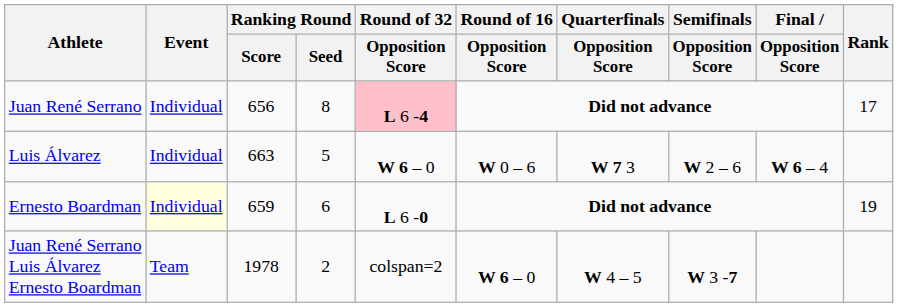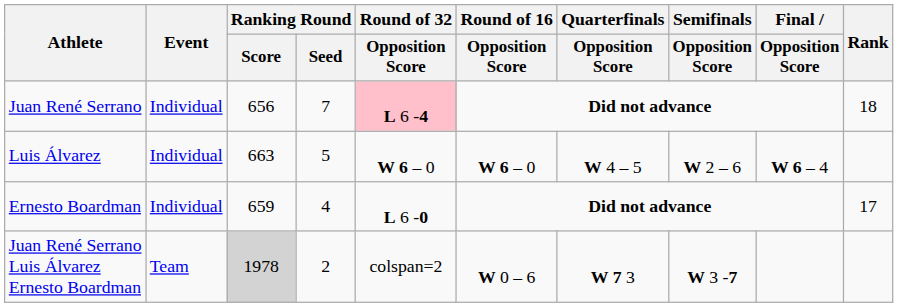 <table class="wikitable" style="font-size:90%">
 <tr>
 <th rowspan="2">Athlete</th>
 <th rowspan="2">Event</th>
 <th colspan="2">Ranking Round</th>
 <th>Round of 32</th>
 <th>Round of 16</th>
 <th>Quarterfinals</th>
 <th>Semifinals</th>
 <th>Final / </th>
 <th rowspan="2">Rank</th>
 </tr>
 <tr style="font-size:95%">
 <th>Score</th>
 <th>Seed</th>
 <th>Opposition<br>Score</th>
 <th>Opposition<br>Score</th>
 <th>Opposition<br>Score</th>
 <th>Opposition<br>Score</th>
 <th>Opposition<br>Score</th>
 </tr>
 <tr align=center>
 <td align=left><a href='#'>Juan René Serrano</a></td>
 <td align=left><a href='#'>Individual</a></td>
 <td>656</td>
-<td>8</td>
+<td>7</td>
 <td style="background: pink;"><br> <strong>L</strong> 6 -<strong>4</strong></td>
 <td colspan=4><strong>Did not advance</strong></td>
-<td>17</td>
+<td>18</td>
 </tr>
 <tr align=center>
 <td align=left><a href='#'>Luis Álvarez</a></td>
 <td align=left><a href='#'>Individual</a></td>
 <td>663</td>
 <td>5</td>
 <td><br> <strong>W 6</strong> – 0</td>
-<td><br> <strong>W</strong> 0 – 6</td>
-<td><br> <strong>W 7</strong> 3</td>
+<td><br> <strong>W 6</strong> – 0</td>
+<td><br> <strong>W</strong> 4 – 5</td>
 <td><br> <strong>W</strong> 2 – 6</td>
 <td><br> <strong>W 6</strong> – 4</td>
 <td></td>
 </tr>
 <tr align=center>
 <td align=left><a href='#'>Ernesto Boardman</a></td>
-<td align=left style="background: lightyellow;"><a href='#'>Individual</a></td>
+<td align=left><a href='#'>Individual</a></td>
 <td>659</td>
-<td>6</td>
+<td>4</td>
 <td><br> <strong>L</strong> 6 -<strong>0</strong></td>
 <td colspan=4><strong>Did not advance</strong></td>
-<td>19</td>
+<td>17</td>
 </tr>
 <tr align=center>
 <td align=left><a href='#'>Juan René Serrano</a><br><a href='#'>Luis Álvarez</a><br><a href='#'>Ernesto Boardman</a></td>
 <td align=left><a href='#'>Team</a></td>
-<td>1978</td>
+<td style="background: lightgrey;">1978</td>
 <td>2</td>
 <td>colspan=2 </td>
-<td><br> <strong>W 6</strong> – 0</td>
-<td><br> <strong>W</strong> 4 – 5</td>
+<td><br> <strong>W</strong> 0 – 6</td>
+<td><br> <strong>W 7</strong> 3</td>
 <td><br> <strong>W</strong> 3 -<strong>7</strong></td>
 <td></td>
 </tr>
 </table>
